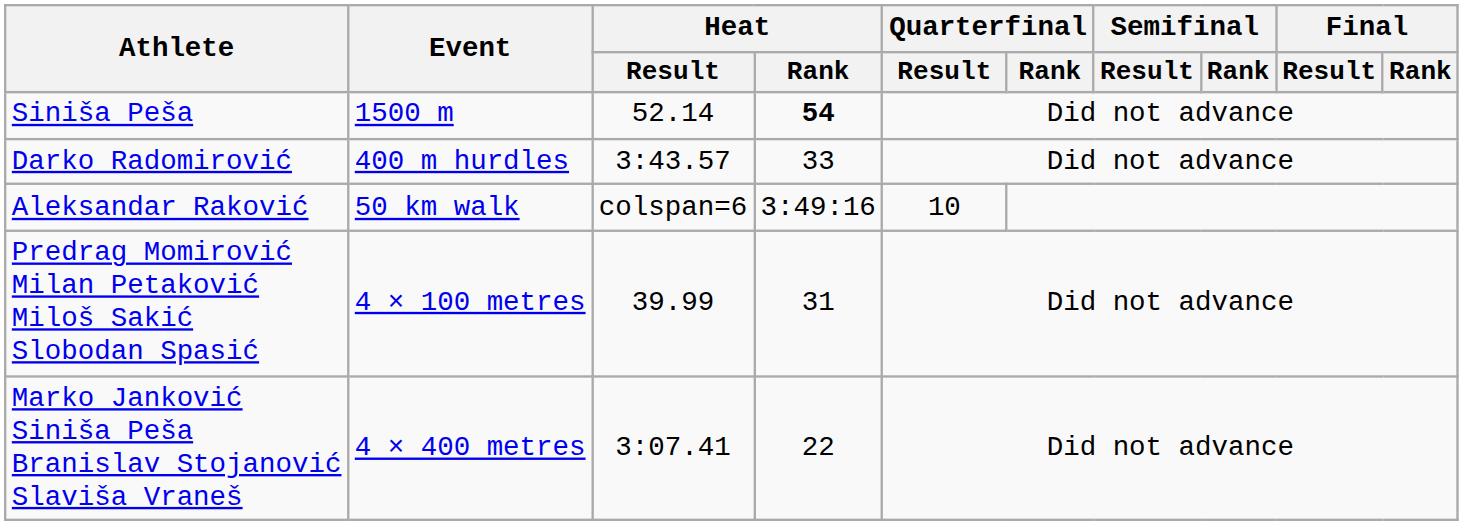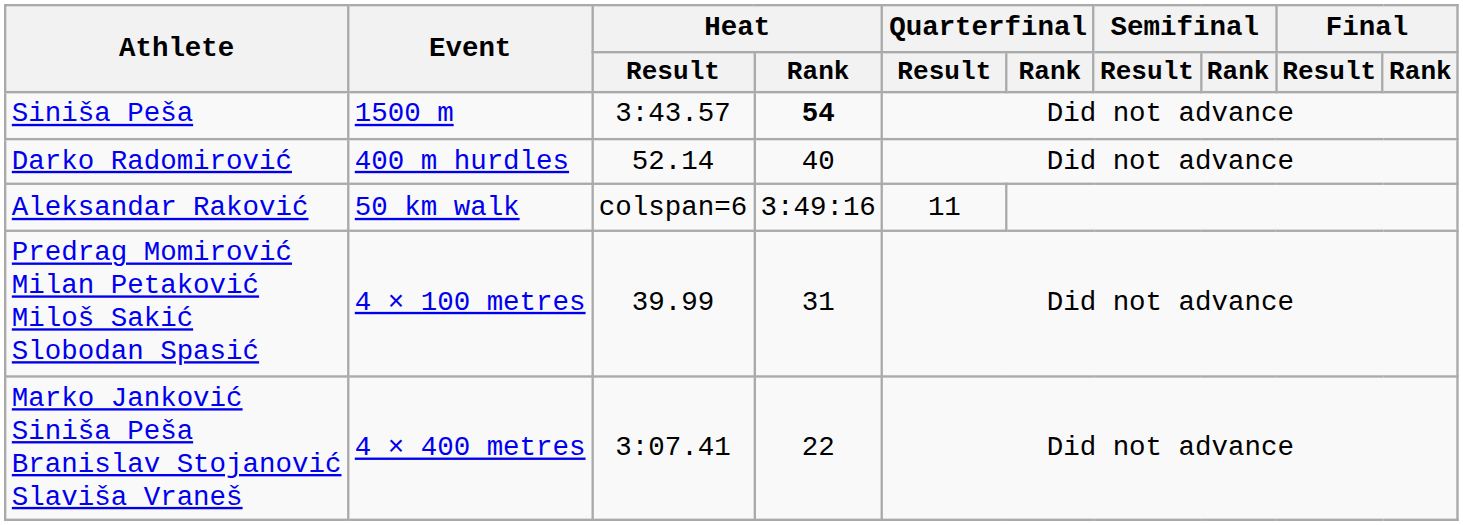 <table class="wikitable" style="font-size:90%">
 <tr>
 <th rowspan="2">Athlete</th>
 <th rowspan="2">Event</th>
 <th colspan="2">Heat</th>
 <th colspan="2">Quarterfinal</th>
 <th colspan="2">Semifinal</th>
 <th colspan="2">Final</th>
 </tr>
 <tr style="font-size:95%">
 <th>Result</th>
 <th>Rank</th>
 <th>Result</th>
 <th>Rank</th>
 <th>Result</th>
 <th>Rank</th>
 <th>Result</th>
 <th>Rank</th>
 </tr>
 <tr align=center>
 <td align=left><a href='#'>Siniša Peša</a></td>
 <td align=left><a href='#'>1500 m</a></td>
-<td>52.14</td>
+<td>3:43.57</td>
 <td><strong>54</strong></td>
 <td colspan=6>Did not advance</td>
 </tr>
 <tr align=center>
 <td align=left><a href='#'>Darko Radomirović</a></td>
 <td align=left><a href='#'>400 m hurdles</a></td>
-<td>3:43.57</td>
-<td>33</td>
+<td>52.14</td>
+<td>40</td>
 <td colspan=6>Did not advance</td>
 </tr>
 <tr align=center>
 <td align=left><a href='#'>Aleksandar Raković</a></td>
 <td align=left><a href='#'>50 km walk</a></td>
 <td>colspan=6 </td>
 <td>3:49:16</td>
-<td>10</td>
+<td>11</td>
 </tr>
 <tr align=center>
 <td align=left><a href='#'>Predrag Momirović</a><br><a href='#'>Milan Petaković</a><br><a href='#'>Miloš Sakić</a><br><a href='#'>Slobodan Spasić</a></td>
 <td align=left><a href='#'>4 × 100 metres</a></td>
 <td>39.99</td>
 <td>31</td>
 <td colspan=6>Did not advance</td>
 </tr>
 <tr align=center>
 <td align=left><a href='#'>Marko Janković</a><br><a href='#'>Siniša Peša</a><br><a href='#'>Branislav Stojanović</a><br><a href='#'>Slaviša Vraneš</a></td>
 <td align=left><a href='#'>4 × 400 metres</a></td>
 <td>3:07.41</td>
 <td>22</td>
 <td colspan=6>Did not advance</td>
 </tr>
 </table>
